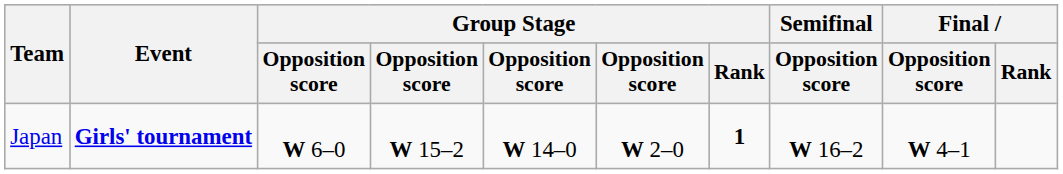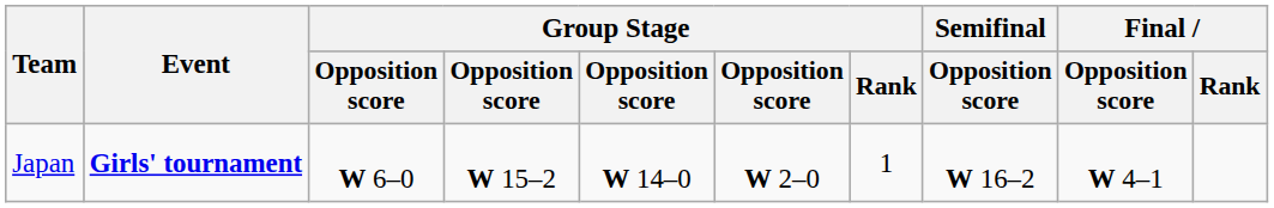 <table class=wikitable style=font-size:90%;text-align:center>
 <tr>
 <th rowspan=2>Team</th>
 <th rowspan=2>Event</th>
 <th colspan=5>Group Stage</th>
 <th>Semifinal</th>
 <th colspan=2>Final / </th>
 </tr>
 <tr style=font-size:95%>
 <th>Opposition<br>score</th>
 <th>Opposition<br>score</th>
 <th>Opposition<br>score</th>
 <th>Opposition<br>score</th>
 <th>Rank</th>
 <th>Opposition<br>score</th>
 <th>Opposition<br>score</th>
 <th>Rank</th>
 </tr>
 <tr>
 <td align=left><a href='#'>Japan</a></td>
 <td align=left><strong><a href='#'>Girls' tournament</a></strong></td>
 <td><br><strong>W</strong> 6–0</td>
 <td><br><strong>W</strong> 15–2</td>
 <td><br><strong>W</strong> 14–0</td>
 <td><br><strong>W</strong> 2–0</td>
-<td><strong>1</strong></td>
+<td>1</td>
 <td><br><strong>W</strong> 16–2</td>
 <td><br><strong>W</strong> 4–1</td>
 <td></td>
 </tr>
 </table>
